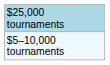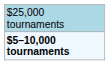 <table class="wikitable"  style="font-size:85%; width:15%;">
 <tr style="background:lightblue;">
 <td>$25,000 tournaments</td>
 </tr>
 <tr style="background:#f0f8ff;">
-<td>$5–10,000 tournaments</td>
+<td><strong>$5–10,000 tournaments</strong></td>
 </tr>
 </table>
